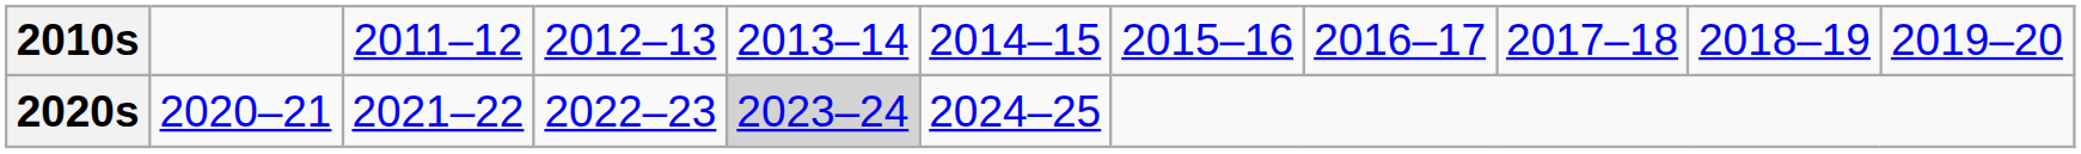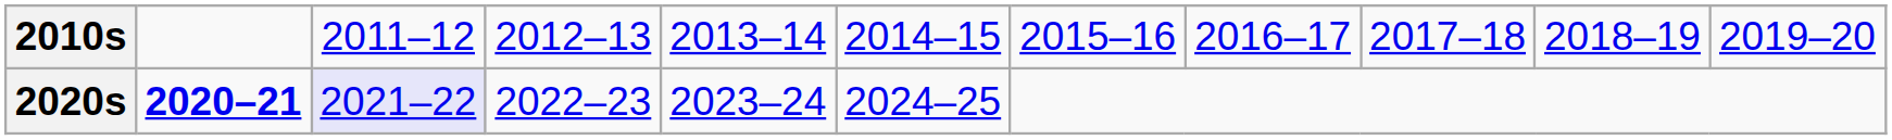 <table class="wikitable" style="text-align:center">
 <tr>
 <th>2010s</th>
 <td></td>
 <td><a href='#'>2011–12</a></td>
 <td><a href='#'>2012–13</a></td>
 <td><a href='#'>2013–14</a></td>
 <td><a href='#'>2014–15</a></td>
 <td><a href='#'>2015–16</a></td>
 <td><a href='#'>2016–17</a></td>
 <td><a href='#'>2017–18</a></td>
 <td><a href='#'>2018–19</a></td>
 <td><a href='#'>2019–20</a></td>
 </tr>
 <tr>
 <th>2020s</th>
-<td><a href='#'>2020–21</a></td>
-<td><a href='#'>2021–22</a></td>
+<td><strong><a href='#'>2020–21</a></strong></td>
+<td style="background: lavender;"><a href='#'>2021–22</a></td>
 <td><a href='#'>2022–23</a></td>
-<td style="background: lightgrey;"><a href='#'>2023–24</a></td>
+<td><a href='#'>2023–24</a></td>
 <td><a href='#'>2024–25</a></td>
 </tr>
 </table>
